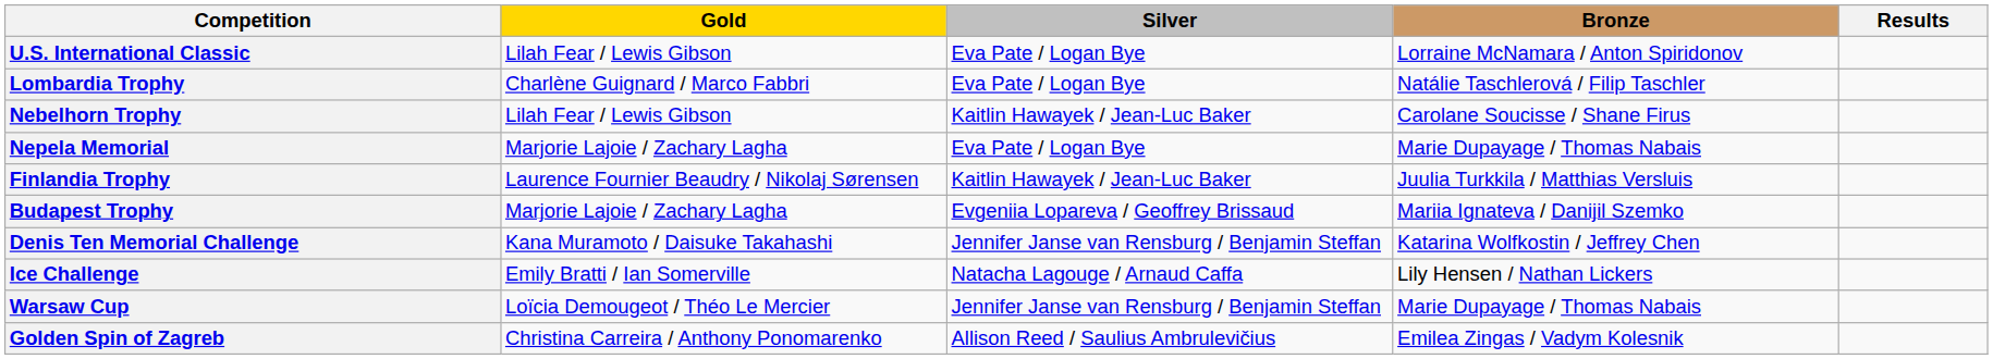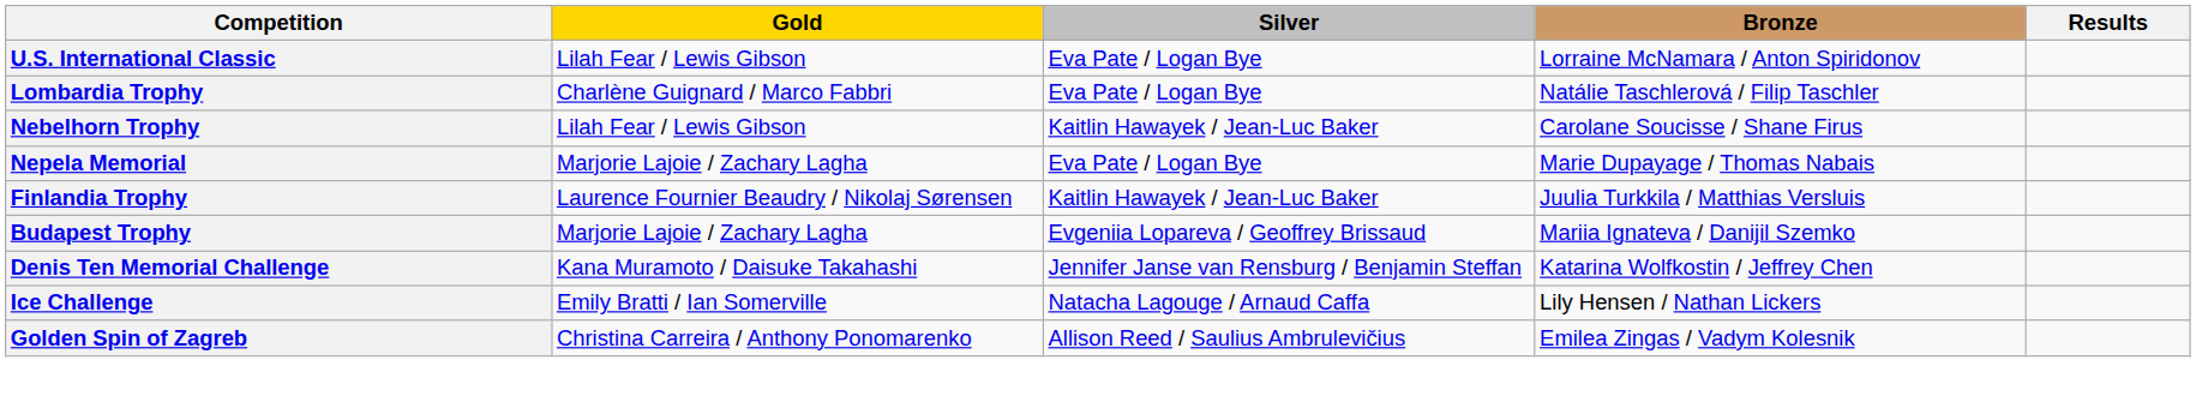 <table class="wikitable unsortable" style="text-align:left; width:100%;">
 <tr>
 <th scope="col" style="text-align:center; width:25%;">Competition</th>
 <td scope="col" style="text-align:center; width:22.5%; background:gold"><strong>Gold</strong></td>
 <td scope="col" style="text-align:center; width:22.5%; background:silver"><strong>Silver</strong></td>
 <td scope="col" style="text-align:center; width:22.5%; background:#c96"><strong>Bronze</strong></td>
 <th scope="col" style="text-align:center; width:7.5%;">Results</th>
 </tr>
 <tr>
 <th scope="row" style="text-align:left"> <a href='#'>U.S. International Classic</a></th>
 <td> <a href='#'>Lilah Fear</a> / <a href='#'>Lewis Gibson</a></td>
 <td> <a href='#'>Eva Pate</a> / <a href='#'>Logan Bye</a></td>
 <td> <a href='#'>Lorraine McNamara</a> / <a href='#'>Anton Spiridonov</a></td>
 <td></td>
 </tr>
 <tr>
 <th scope="row" style="text-align:left"> <a href='#'>Lombardia Trophy</a></th>
 <td> <a href='#'>Charlène Guignard</a> / <a href='#'>Marco Fabbri</a></td>
 <td> <a href='#'>Eva Pate</a> / <a href='#'>Logan Bye</a></td>
 <td> <a href='#'>Natálie Taschlerová</a> / <a href='#'>Filip Taschler</a></td>
 <td></td>
 </tr>
 <tr>
 <th scope="row" style="text-align:left"> <a href='#'>Nebelhorn Trophy</a></th>
 <td> <a href='#'>Lilah Fear</a> / <a href='#'>Lewis Gibson</a></td>
 <td> <a href='#'>Kaitlin Hawayek</a> / <a href='#'>Jean-Luc Baker</a></td>
 <td> <a href='#'>Carolane Soucisse</a> / <a href='#'>Shane Firus</a></td>
 <td></td>
 </tr>
 <tr>
 <th scope="row" style="text-align:left"> <a href='#'>Nepela Memorial</a></th>
 <td> <a href='#'>Marjorie Lajoie</a> / <a href='#'>Zachary Lagha</a></td>
 <td> <a href='#'>Eva Pate</a> / <a href='#'>Logan Bye</a></td>
 <td> <a href='#'>Marie Dupayage</a> / <a href='#'>Thomas Nabais</a></td>
 <td></td>
 </tr>
 <tr>
 <th scope="row" style="text-align:left"> <a href='#'>Finlandia Trophy</a></th>
 <td> <a href='#'>Laurence Fournier Beaudry</a> / <a href='#'>Nikolaj Sørensen</a></td>
 <td> <a href='#'>Kaitlin Hawayek</a> / <a href='#'>Jean-Luc Baker</a></td>
 <td> <a href='#'>Juulia Turkkila</a> / <a href='#'>Matthias Versluis</a></td>
 <td></td>
 </tr>
 <tr>
 <th scope="row" style="text-align:left"> <a href='#'>Budapest Trophy</a></th>
 <td> <a href='#'>Marjorie Lajoie</a> / <a href='#'>Zachary Lagha</a></td>
 <td> <a href='#'>Evgeniia Lopareva</a> / <a href='#'>Geoffrey Brissaud</a></td>
 <td> <a href='#'>Mariia Ignateva</a> / <a href='#'>Danijil Szemko</a></td>
 <td></td>
 </tr>
 <tr>
 <th scope="row" style="text-align:left"> <a href='#'>Denis Ten Memorial Challenge</a></th>
 <td> <a href='#'>Kana Muramoto</a> / <a href='#'>Daisuke Takahashi</a></td>
 <td> <a href='#'>Jennifer Janse van Rensburg</a> / <a href='#'>Benjamin Steffan</a></td>
 <td> <a href='#'>Katarina Wolfkostin</a> / <a href='#'>Jeffrey Chen</a></td>
 <td></td>
 </tr>
 <tr>
 <th scope="row" style="text-align:left"> <a href='#'>Ice Challenge</a></th>
 <td> <a href='#'>Emily Bratti</a> / <a href='#'>Ian Somerville</a></td>
 <td> <a href='#'>Natacha Lagouge</a> / <a href='#'>Arnaud Caffa</a></td>
 <td> Lily Hensen / <a href='#'>Nathan Lickers</a></td>
 <td></td>
 </tr>
 <tr>
-<th scope="row" style="text-align:left"> <a href='#'>Warsaw Cup</a></th>
-<td> <a href='#'>Loïcia Demougeot</a> / <a href='#'>Théo Le Mercier</a></td>
-<td> <a href='#'>Jennifer Janse van Rensburg</a> / <a href='#'>Benjamin Steffan</a></td>
-<td> <a href='#'>Marie Dupayage</a> / <a href='#'>Thomas Nabais</a></td>
-<td></td>
-</tr>
-<tr>
 <th scope="row" style="text-align:left"> <a href='#'>Golden Spin of Zagreb</a></th>
 <td> <a href='#'>Christina Carreira</a> / <a href='#'>Anthony Ponomarenko</a></td>
 <td> <a href='#'>Allison Reed</a> / <a href='#'>Saulius Ambrulevičius</a></td>
 <td> <a href='#'>Emilea Zingas</a> / <a href='#'>Vadym Kolesnik</a></td>
 <td></td>
 </tr>
 </table>
